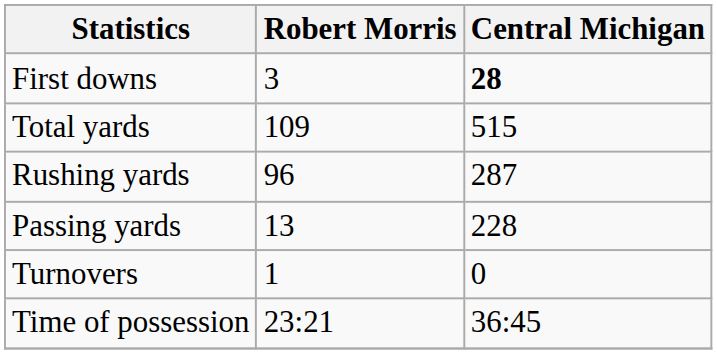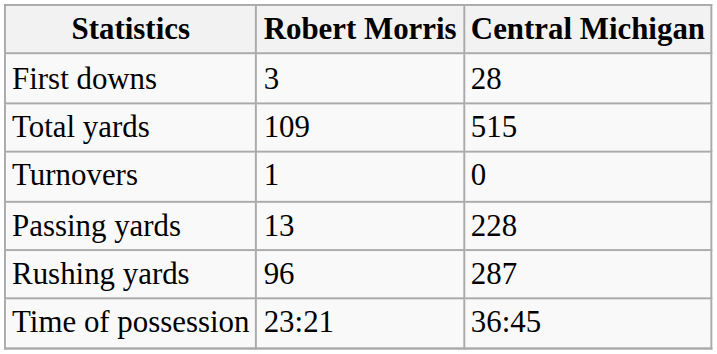 <table class="wikitable">
 <tr>
 <th>Statistics</th>
 <th>Robert Morris</th>
 <th>Central Michigan</th>
 </tr>
 <tr>
 <td>First downs</td>
 <td>3</td>
-<td><strong>28</strong></td>
+<td>28</td>
 </tr>
 <tr>
 <td>Total yards</td>
 <td>109</td>
 <td>515</td>
 </tr>
 <tr>
-<td>Rushing yards</td>
-<td>96</td>
-<td>287</td>
+<td>Turnovers</td>
+<td>1</td>
+<td>0</td>
 </tr>
 <tr>
 <td>Passing yards</td>
 <td>13</td>
 <td>228</td>
 </tr>
 <tr>
-<td>Turnovers</td>
-<td>1</td>
-<td>0</td>
+<td>Rushing yards</td>
+<td>96</td>
+<td>287</td>
 </tr>
 <tr>
 <td>Time of possession</td>
 <td>23:21</td>
 <td>36:45</td>
 </tr>
 <tr>
 </tr>
 </table>
